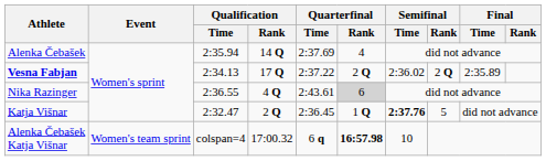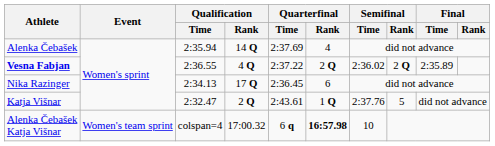 <table class="wikitable" style="font-size:90%">
 <tr>
 <th rowspan="2">Athlete</th>
 <th rowspan="2">Event</th>
 <th colspan="2">Qualification</th>
 <th colspan="2">Quarterfinal</th>
 <th colspan="2">Semifinal</th>
 <th colspan="2">Final</th>
 </tr>
 <tr style="font-size:95%">
 <th>Time</th>
 <th>Rank</th>
 <th>Time</th>
 <th>Rank</th>
 <th>Time</th>
 <th>Rank</th>
 <th>Time</th>
 <th>Rank</th>
 </tr>
 <tr align=center>
 <td align=left><a href='#'>Alenka Čebašek</a></td>
 <td style="text-align:left;" rowspan="4"><a href='#'>Women's sprint</a></td>
 <td>2:35.94</td>
 <td>14 <strong>Q</strong></td>
 <td>2:37.69</td>
 <td>4</td>
 <td colspan=4>did not advance</td>
 </tr>
 <tr align=center>
 <td align=left><strong><a href='#'>Vesna Fabjan</a></strong></td>
-<td>2:34.13</td>
-<td>17 <strong>Q</strong></td>
+<td>2:36.55</td>
+<td>4 <strong>Q</strong></td>
 <td>2:37.22</td>
 <td>2 <strong>Q</strong></td>
 <td>2:36.02</td>
 <td>2 <strong>Q</strong></td>
 <td>2:35.89</td>
 <td></td>
 </tr>
 <tr align=center>
 <td align=left><a href='#'>Nika Razinger</a></td>
-<td>2:36.55</td>
-<td>4 <strong>Q</strong></td>
-<td>2:43.61</td>
-<td style="background: lightgrey;">6</td>
+<td>2:34.13</td>
+<td>17 <strong>Q</strong></td>
+<td>2:36.45</td>
+<td>6</td>
 <td colspan=4>did not advance</td>
 </tr>
 <tr align=center>
 <td align=left><a href='#'>Katja Višnar</a></td>
 <td>2:32.47</td>
 <td>2 <strong>Q</strong></td>
-<td>2:36.45</td>
+<td>2:43.61</td>
 <td>1 <strong>Q</strong></td>
-<td><strong>2:37.76</strong></td>
+<td>2:37.76</td>
 <td>5</td>
 <td colspan=2>did not advance</td>
 </tr>
 <tr align=center>
 <td align=left><a href='#'>Alenka Čebašek</a><br><a href='#'>Katja Višnar</a></td>
 <td align=left><a href='#'>Women's team sprint</a></td>
 <td>colspan=4 </td>
 <td>17:00.32</td>
 <td>6 <strong>q</strong></td>
 <td><strong>16:57.98</strong></td>
 <td>10</td>
 </tr>
 </table>
